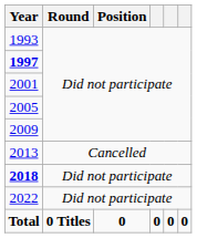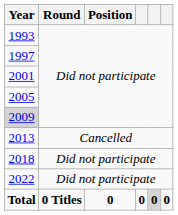 <table class="wikitable" style="text-align: center;">
 <tr>
 <th>Year</th>
 <th>Round</th>
 <th>Position</th>
 <th></th>
 <th></th>
 <th></th>
 </tr>
 <tr>
 <td> <a href='#'>1993</a></td>
 <td colspan="5" rowspan="5"><em>Did not participate</em></td>
 </tr>
 <tr>
-<td><strong> <a href='#'>1997</a></strong></td>
+<td> <a href='#'>1997</a></td>
 </tr>
 <tr>
 <td> <a href='#'>2001</a></td>
 </tr>
 <tr>
 <td> <a href='#'>2005</a></td>
 </tr>
 <tr>
-<td> <a href='#'>2009</a></td>
+<td style="background: lightgrey;"> <a href='#'>2009</a></td>
 </tr>
 <tr>
 <td> <a href='#'>2013</a></td>
 <td colspan=5><em>Cancelled</em></td>
 </tr>
 <tr>
-<td><strong> <a href='#'>2018</a></strong></td>
+<td> <a href='#'>2018</a></td>
 <td colspan="5"><em>Did not participate</em></td>
 </tr>
 <tr>
 <td> <a href='#'>2022</a></td>
 <td colspan="5"><em>Did not participate</em></td>
 </tr>
 <tr>
 <td colspan=1><strong>Total</strong></td>
 <td><strong>0 Titles</strong></td>
 <td><strong>0</strong></td>
 <td><strong>0</strong></td>
-<td><strong>0</strong></td>
+<td style="background: lightgrey;"><strong>0</strong></td>
 <td><strong>0</strong></td>
 </tr>
 </table>
